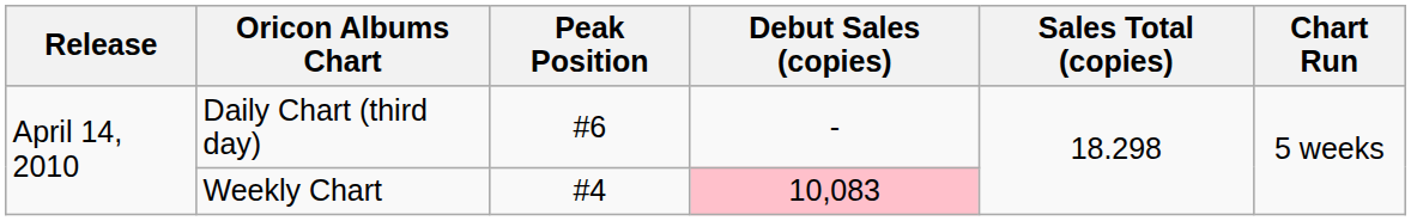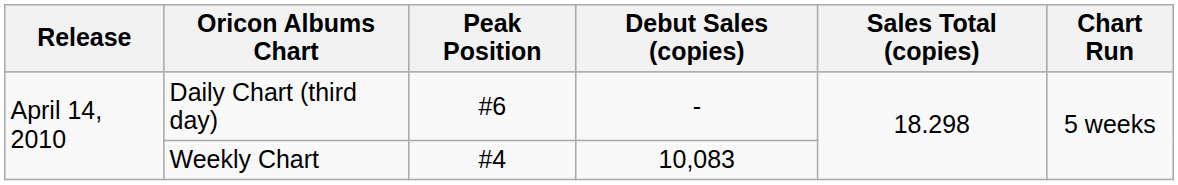 <table class="wikitable" width="750px">
 <tr>
 <th>Release</th>
 <th>Oricon Albums Chart</th>
 <th>Peak Position</th>
 <th>Debut Sales (copies)</th>
 <th>Sales Total (copies)</th>
 <th>Chart Run</th>
 </tr>
 <tr>
 <td rowspan="2">April 14, 2010</td>
 <td>Daily Chart (third day)</td>
 <td align="center">#6</td>
 <td align="center">-</td>
 <td rowspan="2" align="center">18.298</td>
 <td rowspan="2" align="center">5 weeks</td>
 </tr>
 <tr>
 <td>Weekly Chart</td>
 <td align="center">#4</td>
-<td align="center" style="background: pink;">10,083</td>
+<td align="center">10,083</td>
 </tr>
 </table>
